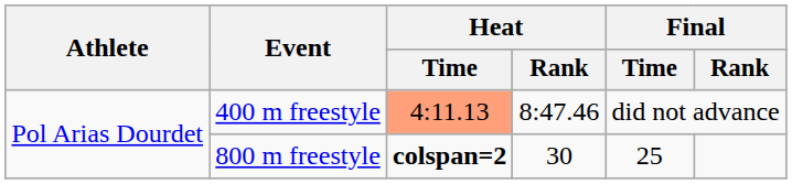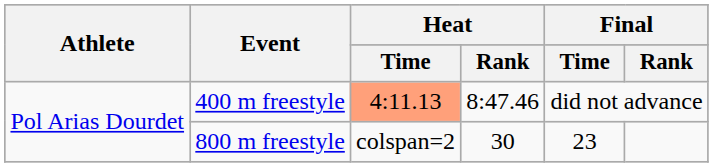 <table class=wikitable style="font-size:90%">
 <tr>
 <th rowspan=2>Athlete</th>
 <th rowspan=2>Event</th>
 <th colspan="2">Heat</th>
 <th colspan="2">Final</th>
 </tr>
 <tr style="font-size:95%">
 <th>Time</th>
 <th>Rank</th>
 <th>Time</th>
 <th>Rank</th>
 </tr>
 <tr align=center>
 <td align=left rowspan=2><a href='#'>Pol Arias Dourdet</a></td>
 <td align=left><a href='#'>400 m freestyle</a></td>
 <td style="background: lightsalmon;">4:11.13</td>
 <td>8:47.46</td>
 <td colspan=2>did not advance</td>
 </tr>
 <tr align=center>
 <td align=left><a href='#'>800 m freestyle</a></td>
-<td><strong>colspan=2 </strong></td>
+<td>colspan=2 </td>
 <td>30</td>
-<td>25</td>
+<td>23</td>
 </tr>
 </table>
